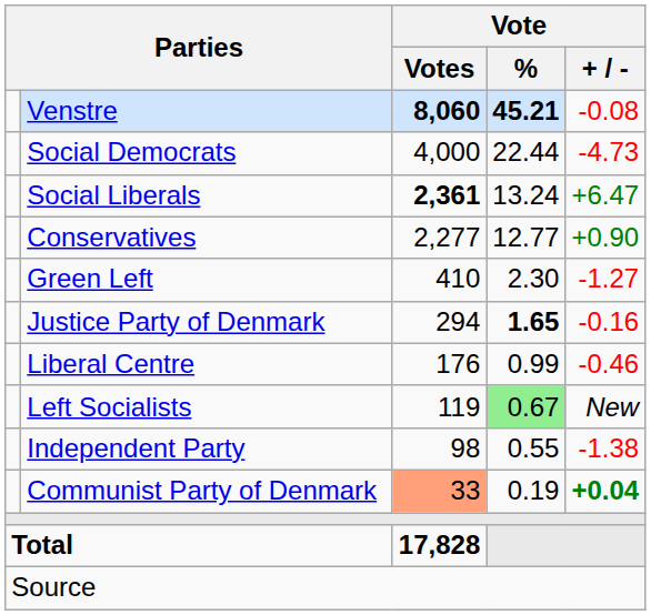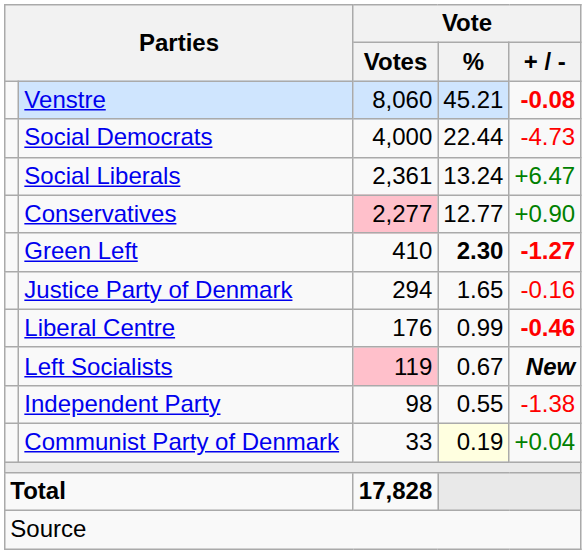 <table class="wikitable" style="text-align:right;">
 <tr>
 <th style="text-align:centre;" rowspan="2" colspan="2" width="225">Parties</th>
 <th colspan="3">Vote</th>
 </tr>
 <tr>
 <th width="15">Votes</th>
 <th width="15">%</th>
 <th width="15">+ / -</th>
 </tr>
 <tr>
 <td width="2" style="color:inherit;background:"></td>
 <td bgcolor=#cfe5fe  align="left"><a href='#'>Venstre</a></td>
-<td bgcolor=#cfe5fe><strong>8,060</strong></td>
-<td bgcolor=#cfe5fe><strong>45.21</strong></td>
-<td style=color:red;>-0.08</td>
+<td bgcolor=#cfe5fe>8,060</td>
+<td bgcolor=#cfe5fe>45.21</td>
+<td style=color:red;><strong>-0.08</strong></td>
 </tr>
 <tr>
 <td width="2" style="color:inherit;background:"></td>
 <td align="left"><a href='#'>Social Democrats</a></td>
 <td>4,000</td>
 <td>22.44</td>
 <td style=color:red;>-4.73</td>
 </tr>
 <tr>
 <td width="2" style="color:inherit;background:"></td>
 <td align="left"><a href='#'>Social Liberals</a></td>
-<td><strong>2,361</strong></td>
+<td>2,361</td>
 <td>13.24</td>
 <td style=color:green;>+6.47</td>
 </tr>
 <tr>
 <td width="2" style="color:inherit;background:"></td>
 <td align="left"><a href='#'>Conservatives</a></td>
-<td>2,277</td>
+<td style="background: pink;">2,277</td>
 <td>12.77</td>
 <td style=color:green;>+0.90</td>
 </tr>
 <tr>
 <td width="2" style="color:inherit;background:"></td>
 <td align="left"><a href='#'>Green Left</a></td>
 <td>410</td>
-<td>2.30</td>
-<td style=color:red;>-1.27</td>
+<td><strong>2.30</strong></td>
+<td style=color:red;><strong>-1.27</strong></td>
 </tr>
 <tr>
 <td width="2" style="color:inherit;background:"></td>
 <td align="left"><a href='#'>Justice Party of Denmark</a></td>
 <td>294</td>
-<td><strong>1.65</strong></td>
+<td>1.65</td>
 <td style=color:red;>-0.16</td>
 </tr>
 <tr>
 <td width="2" style="color:inherit;background:"></td>
 <td align="left"><a href='#'>Liberal Centre</a></td>
 <td>176</td>
 <td>0.99</td>
-<td style=color:red;>-0.46</td>
+<td style=color:red;><strong>-0.46</strong></td>
 </tr>
 <tr>
 <td width="2" style="color:inherit;background:"></td>
 <td align="left"><a href='#'>Left Socialists</a></td>
-<td>119</td>
-<td style="background: lightgreen;">0.67</td>
-<td><em>New</em></td>
+<td style="background: pink;">119</td>
+<td>0.67</td>
+<td><strong><em>New</em></strong></td>
 </tr>
 <tr>
 <td width="2" style="color:inherit;background:"></td>
 <td align="left"><a href='#'>Independent Party</a></td>
 <td>98</td>
 <td>0.55</td>
 <td style=color:red;>-1.38</td>
 </tr>
 <tr>
 <td width="2" style="color:inherit;background:"></td>
 <td align="left"><a href='#'>Communist Party of Denmark</a></td>
-<td style="background: lightsalmon;">33</td>
-<td>0.19</td>
-<td style=color:green;><strong>+0.04</strong></td>
+<td>33</td>
+<td style="background: lightyellow;">0.19</td>
+<td style=color:green;>+0.04</td>
 </tr>
 <tr>
 <td colspan="7" bgcolor="#E9E9E9"></td>
 </tr>
 <tr>
 <td align="left" colspan="2"><strong>Total</strong></td>
 <td><strong>17,828</strong></td>
 <td bgcolor="#E9E9E9" colspan="2"></td>
 </tr>
 <tr>
 <td align="left" colspan="6">Source</td>
 </tr>
 </table>
